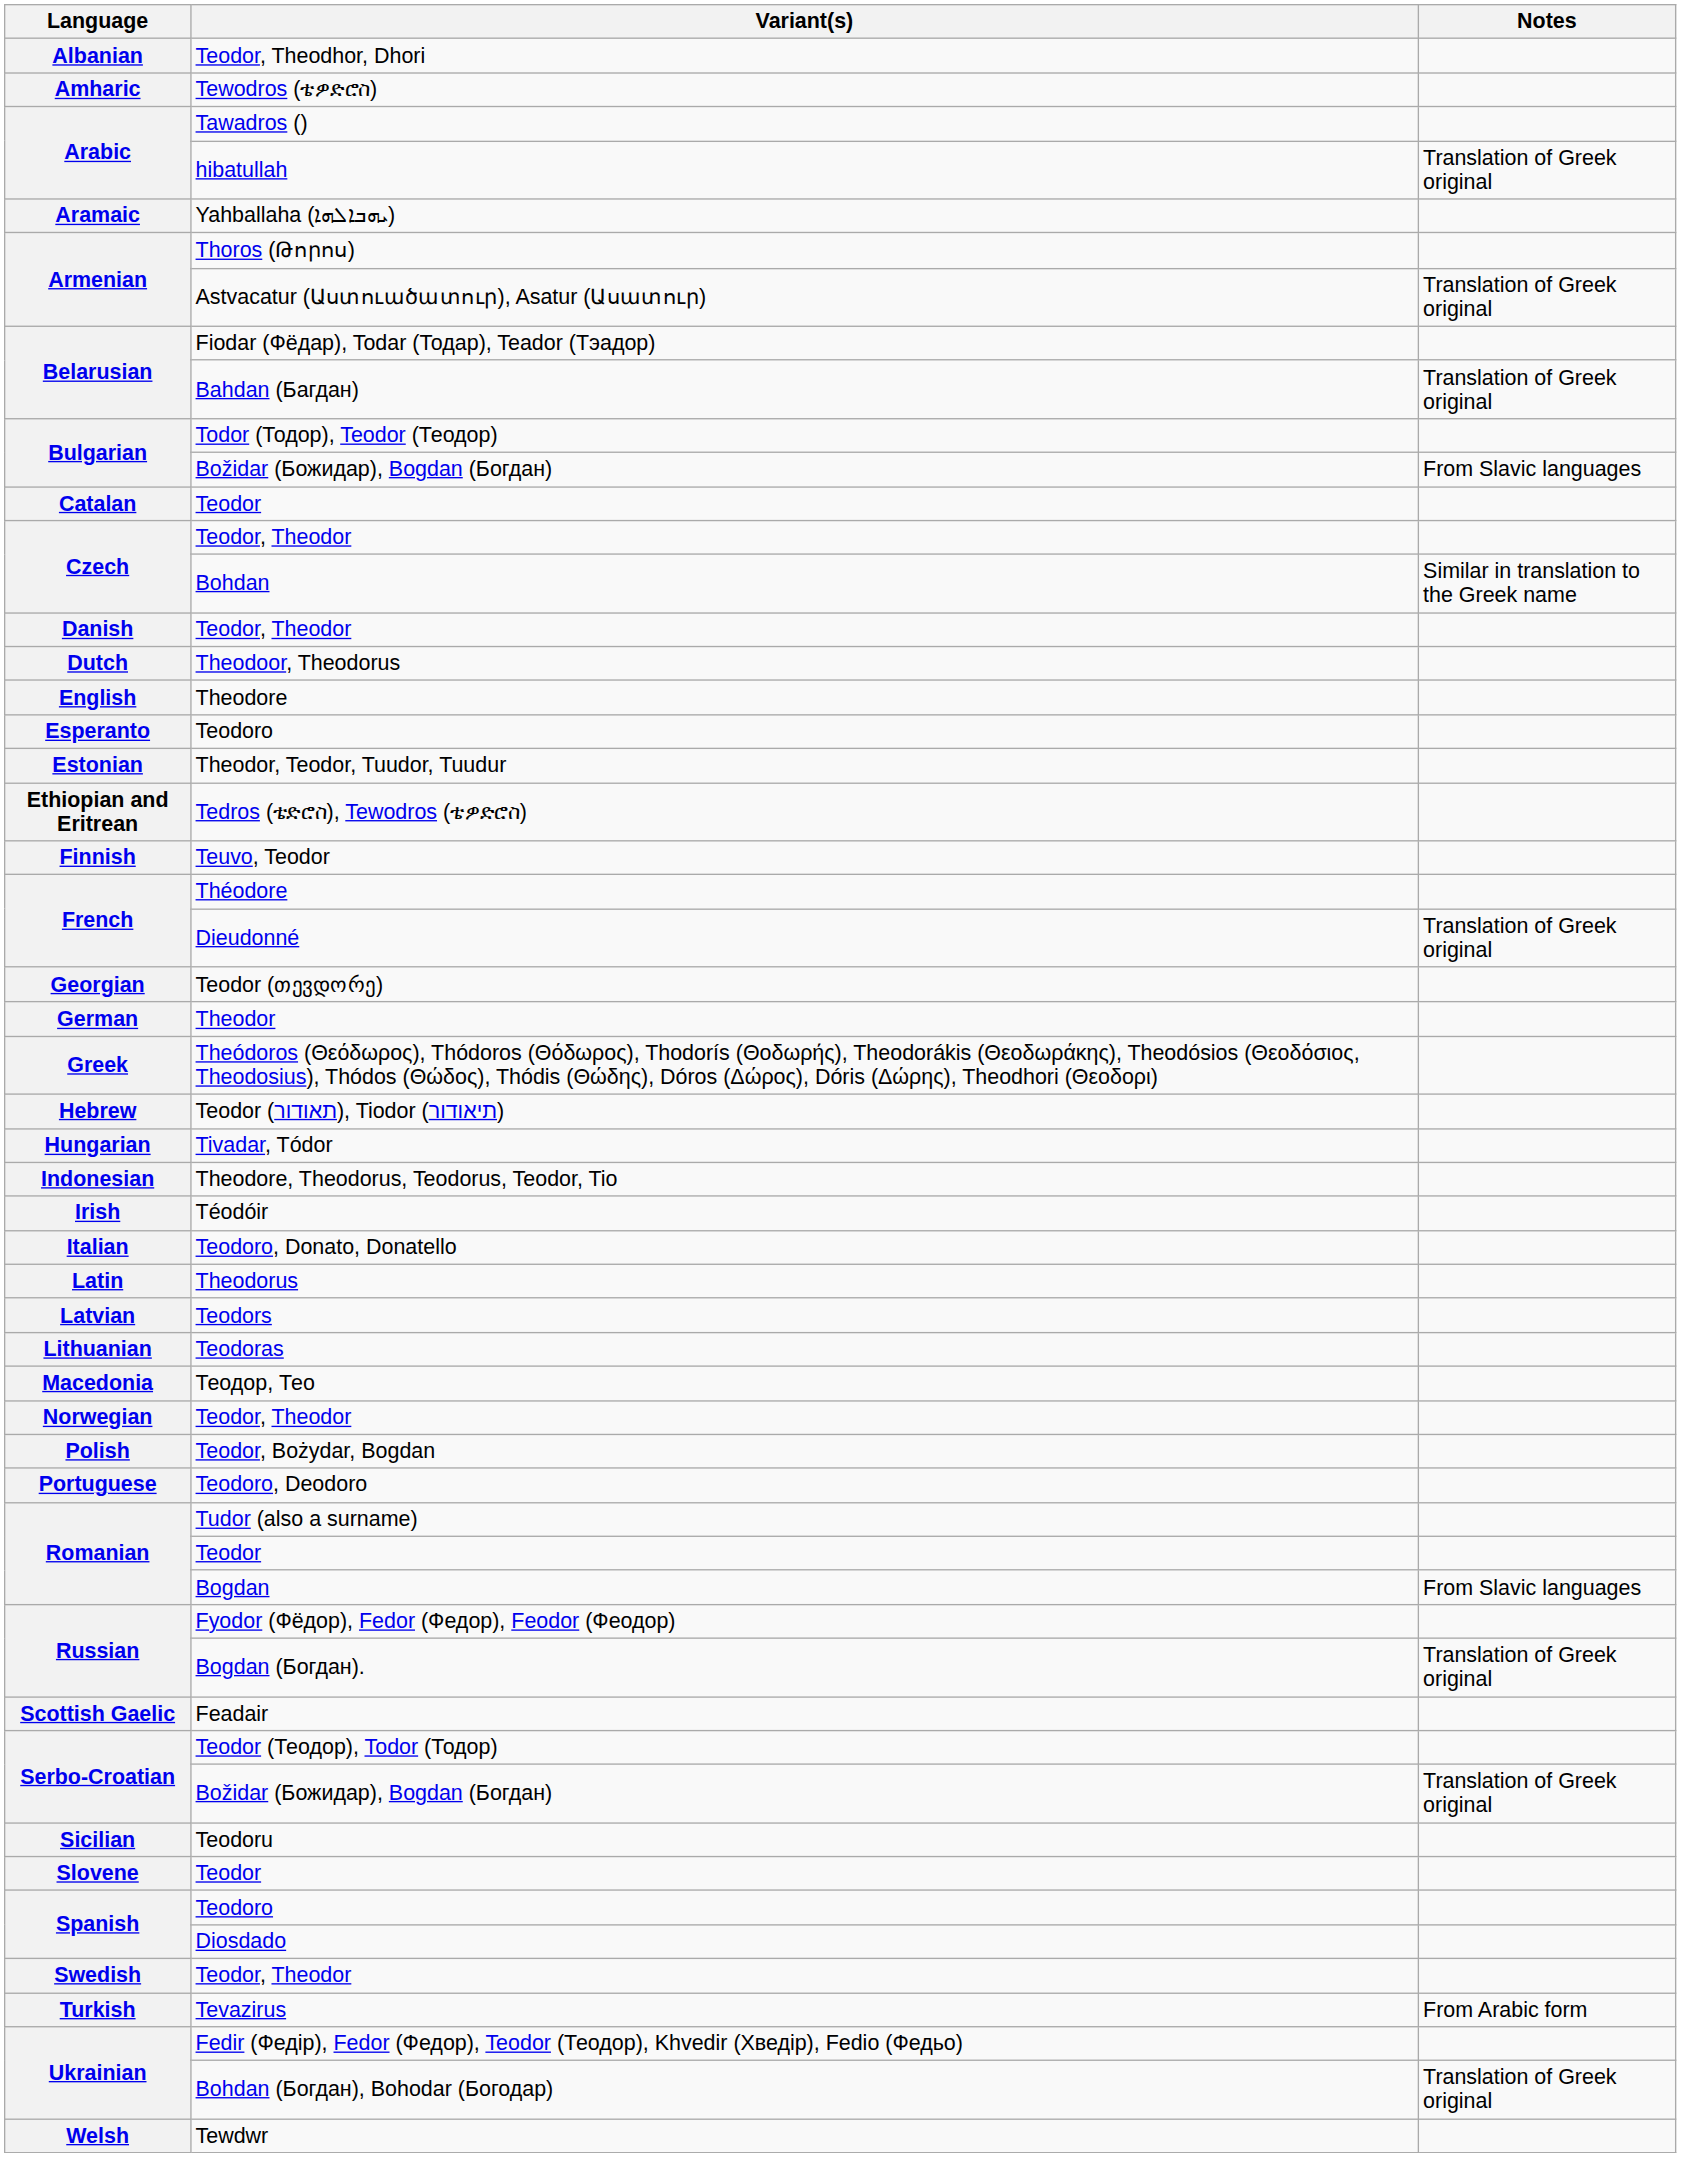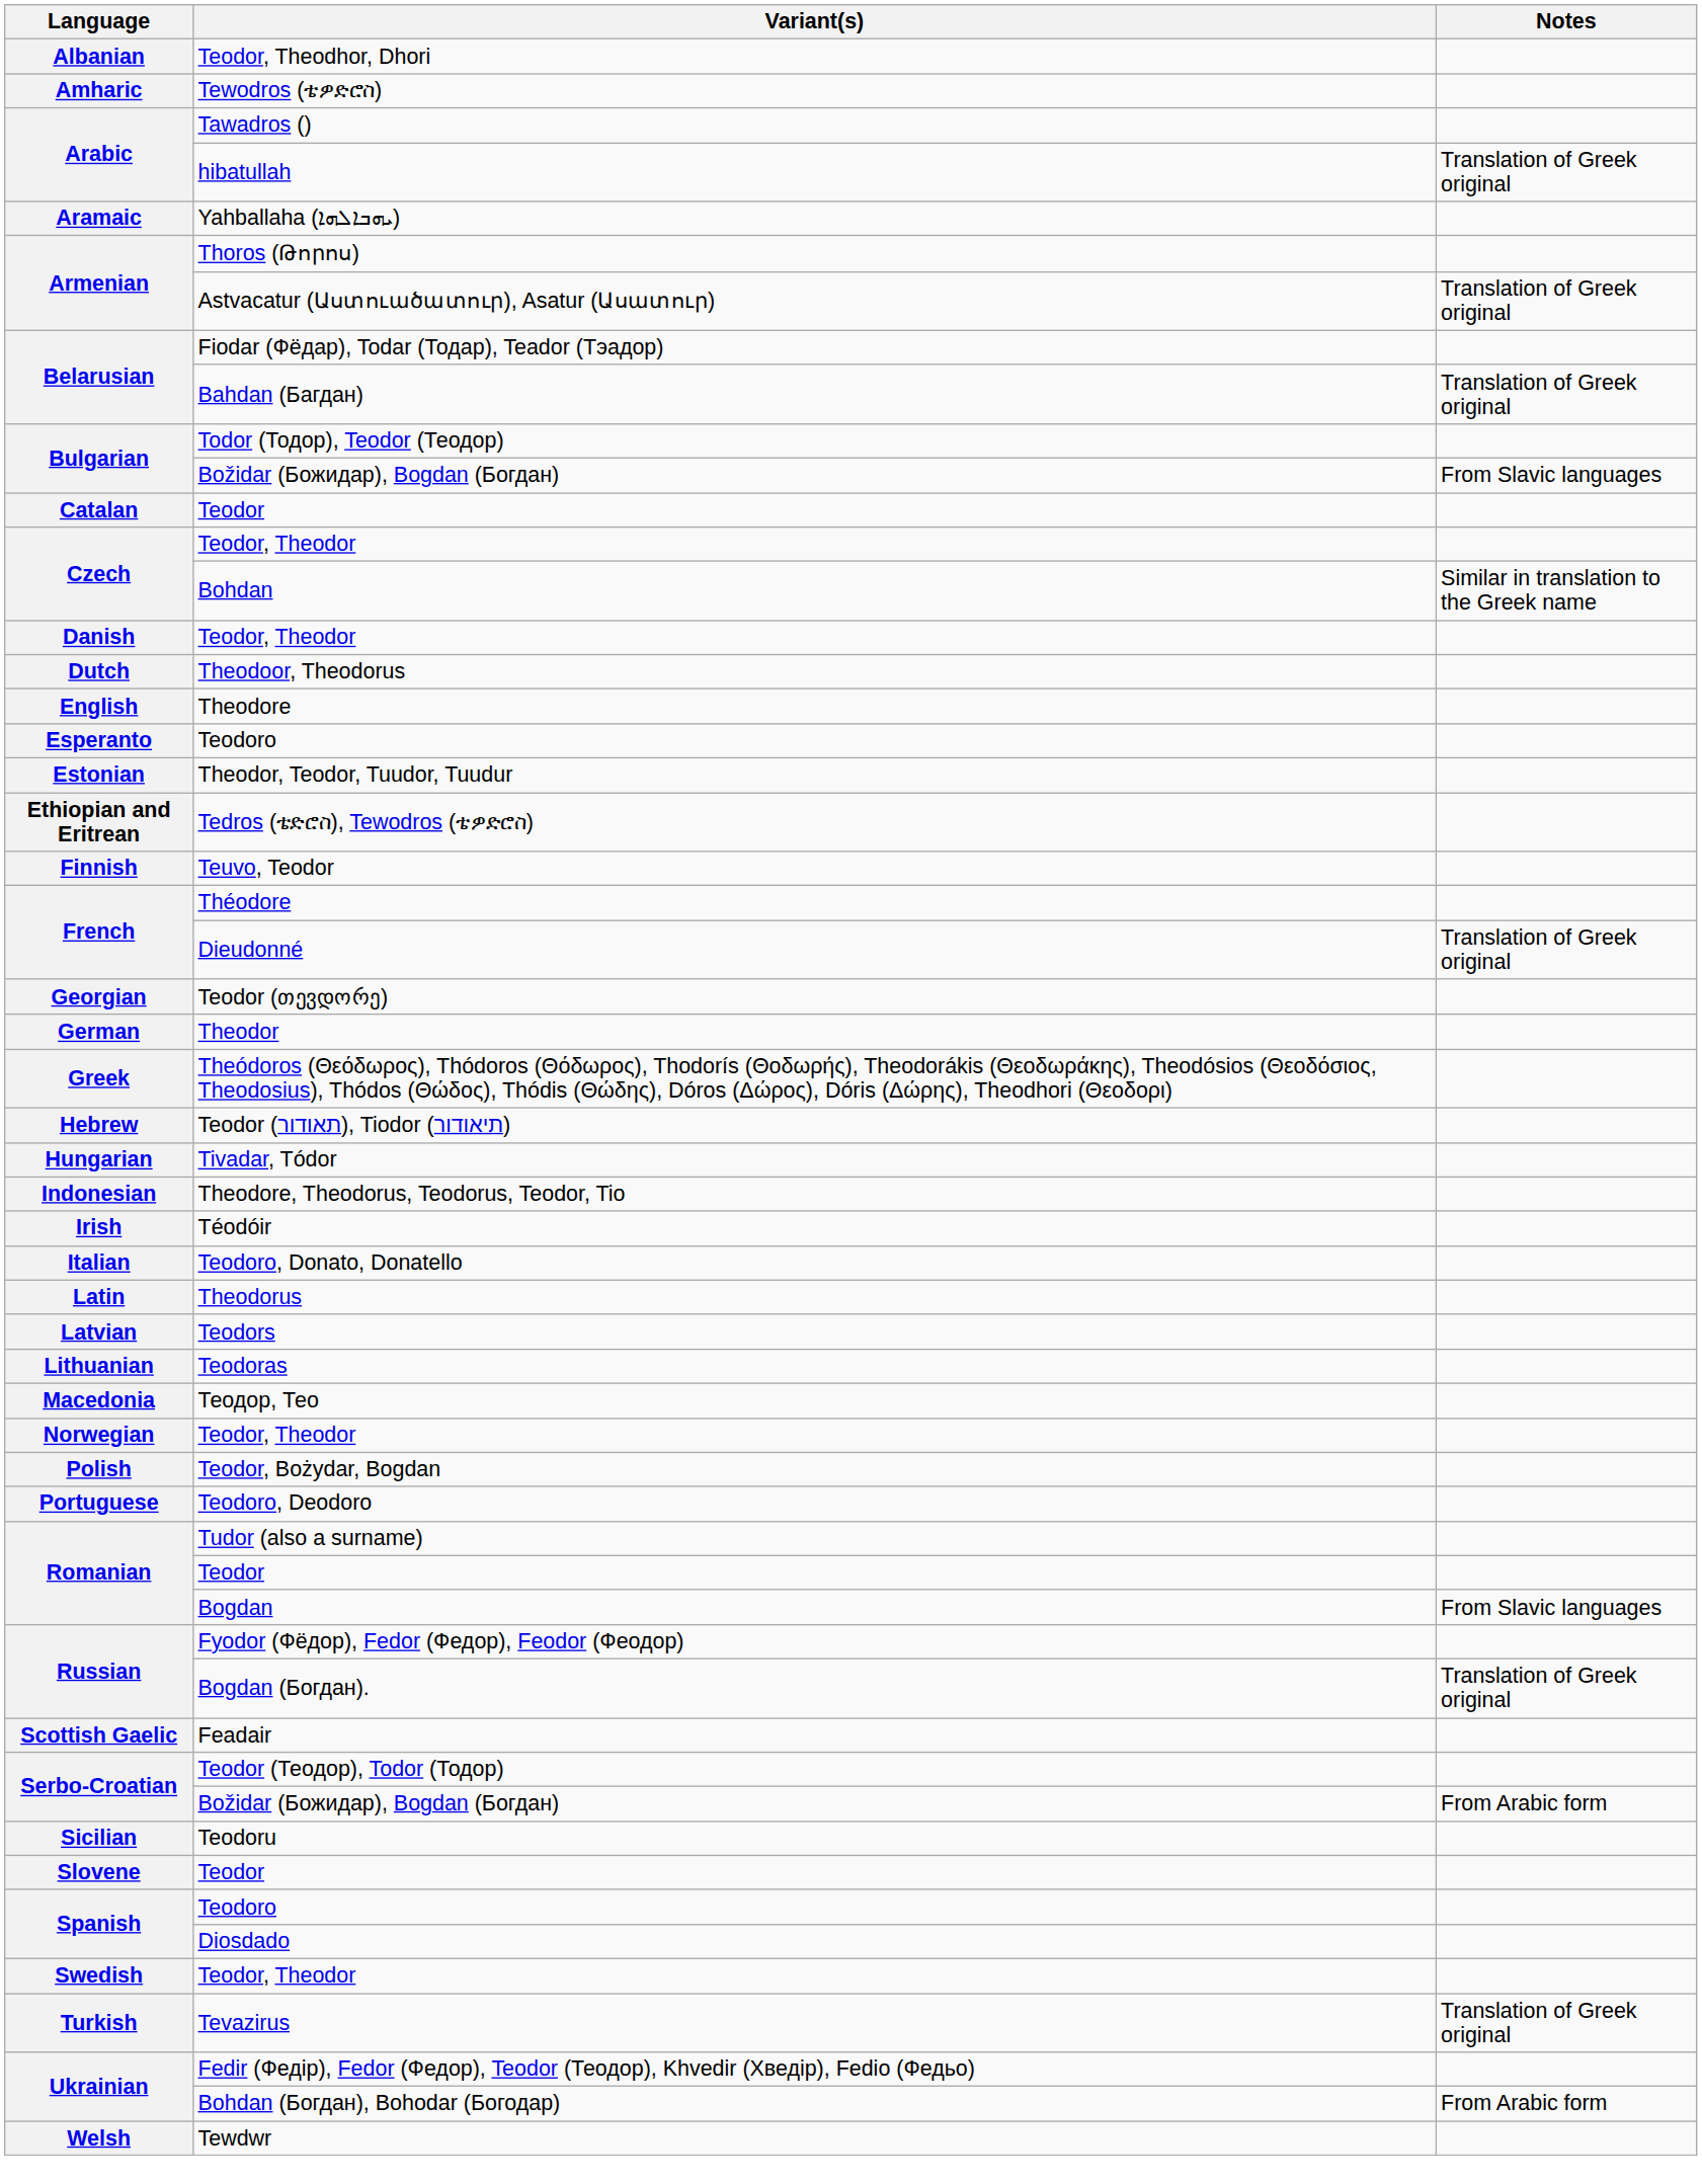 <table class="wikitable">
 <tr>
 <th>Language</th>
 <th>Variant(s)</th>
 <th>Notes</th>
 </tr>
 <tr>
 <th><a href='#'>Albanian</a></th>
 <td><a href='#'>Teodor</a>, Theodhor, Dhori</td>
 <td></td>
 </tr>
 <tr>
 <th><a href='#'>Amharic</a></th>
 <td><a href='#'>Tewodros</a> (ቴዎድሮስ)</td>
 <td></td>
 </tr>
 <tr>
 <th rowspan="2"><a href='#'>Arabic</a></th>
 <td><a href='#'>Tawadros</a> ()</td>
 <td></td>
 </tr>
 <tr>
 <td><a href='#'>hibatullah</a></td>
 <td>Translation of Greek original</td>
 </tr>
 <tr>
 <th><a href='#'>Aramaic</a></th>
 <td>Yahballaha (ܝܗܒܐܠܗܐ‎)</td>
 </tr>
 <tr>
 <th rowspan="2"><a href='#'>Armenian</a></th>
 <td><a href='#'>Thoros</a> (Թորոս)</td>
 <td></td>
 </tr>
 <tr>
 <td>Astvacatur (Աստուածատուր), Asatur (Ասատուր)</td>
 <td>Translation of Greek original</td>
 </tr>
 <tr>
 <th rowspan="2"><a href='#'>Belarusian</a></th>
 <td>Fiodar (Фёдар), Todar (Тодар), Teador (Тэадор)</td>
 <td></td>
 </tr>
 <tr>
 <td><a href='#'>Bahdan</a> (Багдан)</td>
 <td>Translation of Greek original</td>
 </tr>
 <tr>
 <th rowspan="2"><a href='#'>Bulgarian</a></th>
 <td><a href='#'>Todor</a> (Тодор), <a href='#'>Teodor</a> (Теодор)</td>
 <td></td>
 </tr>
 <tr>
 <td><a href='#'>Božidar</a> (Божидар), <a href='#'>Bogdan</a> (Богдан)</td>
 <td>From Slavic languages</td>
 </tr>
 <tr>
 <th><a href='#'>Catalan</a></th>
 <td><a href='#'>Teodor</a></td>
 <td></td>
 </tr>
 <tr>
 <th rowspan="2"><a href='#'>Czech</a></th>
 <td><a href='#'>Teodor</a>, <a href='#'>Theodor</a></td>
 <td></td>
 </tr>
 <tr>
 <td><a href='#'>Bohdan</a></td>
 <td>Similar in translation to the Greek name</td>
 </tr>
 <tr>
 <th><a href='#'>Danish</a></th>
 <td><a href='#'>Teodor</a>, <a href='#'>Theodor</a></td>
 <td></td>
 </tr>
 <tr>
 <th><a href='#'>Dutch</a></th>
 <td><a href='#'>Theodoor</a>, Theodorus</td>
 <td></td>
 </tr>
 <tr>
 <th><a href='#'>English</a></th>
 <td>Theodore</td>
 <td></td>
 </tr>
 <tr>
 <th><a href='#'>Esperanto</a></th>
 <td>Teodoro</td>
 <td></td>
 </tr>
 <tr>
 <th><a href='#'>Estonian</a></th>
 <td>Theodor, Teodor, Tuudor, Tuudur</td>
 <td></td>
 </tr>
 <tr>
 <th>Ethiopian and Eritrean</th>
 <td><a href='#'>Tedros</a> (ቴድሮስ), <a href='#'>Tewodros</a> (ቴዎድሮስ)</td>
 <td></td>
 </tr>
 <tr>
 <th><a href='#'>Finnish</a></th>
 <td><a href='#'>Teuvo</a>, Teodor</td>
 <td></td>
 </tr>
 <tr>
 <th rowspan="2"><a href='#'>French</a></th>
 <td><a href='#'>Théodore</a></td>
 <td></td>
 </tr>
 <tr>
 <td><a href='#'>Dieudonné</a></td>
 <td>Translation of Greek original</td>
 </tr>
 <tr>
 <th><a href='#'>Georgian</a></th>
 <td>Teodor (თევდორე)</td>
 <td></td>
 </tr>
 <tr>
 <th><a href='#'>German</a></th>
 <td><a href='#'>Theodor</a></td>
 <td></td>
 </tr>
 <tr>
 <th><a href='#'>Greek</a></th>
 <td><a href='#'>Theódoros</a> (Θεόδωρος), Thódoros (Θόδωρος), Thodorís (Θοδωρής), Theodorákis (Θεοδωράκης), Theodósios (Θεοδόσιος, <a href='#'>Theodosius</a>), Thódos (Θώδος), Thódis (Θώδης), Dóros (Δώρος), Dóris (Δώρης), Theodhori (Θεοδορι)</td>
 <td></td>
 </tr>
 <tr>
 <th><a href='#'>Hebrew</a></th>
 <td>Teodor (<a href='#'>תאודור</a>), Tiodor (<a href='#'>תיאודור</a>)</td>
 <td></td>
 </tr>
 <tr>
 <th><a href='#'>Hungarian</a></th>
 <td><a href='#'>Tivadar</a>, Tódor</td>
 <td></td>
 </tr>
 <tr>
 <th><a href='#'>Indonesian</a></th>
 <td>Theodore, Theodorus, Teodorus, Teodor, Tio</td>
 <td></td>
 </tr>
 <tr>
 <th><a href='#'>Irish</a></th>
 <td>Téodóir</td>
 <td></td>
 </tr>
 <tr>
 <th><a href='#'>Italian</a></th>
 <td><a href='#'>Teodoro</a>, Donato, Donatello</td>
 <td></td>
 </tr>
 <tr>
 <th><a href='#'>Latin</a></th>
 <td><a href='#'>Theodorus</a></td>
 <td></td>
 </tr>
 <tr>
 <th><a href='#'>Latvian</a></th>
 <td><a href='#'>Teodors</a></td>
 <td></td>
 </tr>
 <tr>
 <th><a href='#'>Lithuanian</a></th>
 <td><a href='#'>Teodoras</a></td>
 <td></td>
 </tr>
 <tr>
 <th><a href='#'>Macedonia</a></th>
 <td>Теодор, Тео</td>
 <td></td>
 </tr>
 <tr>
 <th><a href='#'>Norwegian</a></th>
 <td><a href='#'>Teodor</a>, <a href='#'>Theodor</a></td>
 <td></td>
 </tr>
 <tr>
 <th><a href='#'>Polish</a></th>
 <td><a href='#'>Teodor</a>, Bożydar, Bogdan</td>
 <td></td>
 </tr>
 <tr>
 <th><a href='#'>Portuguese</a></th>
 <td><a href='#'>Teodoro</a>, Deodoro</td>
 <td></td>
 </tr>
 <tr>
 <th rowspan="3"><a href='#'>Romanian</a></th>
 <td><a href='#'>Tudor</a> (also a surname)</td>
 <td></td>
 </tr>
 <tr>
 <td><a href='#'>Teodor</a></td>
 <td></td>
 </tr>
 <tr>
 <td><a href='#'>Bogdan</a></td>
 <td>From Slavic languages</td>
 </tr>
 <tr>
 <th rowspan="2"><a href='#'>Russian</a></th>
 <td><a href='#'>Fyodor</a> (Фёдор), <a href='#'>Fedor</a> (Федор), <a href='#'>Feodor</a> (Феодор)</td>
 <td></td>
 </tr>
 <tr>
 <td><a href='#'>Bogdan</a> (Богдан).</td>
 <td>Translation of Greek original</td>
 </tr>
 <tr>
 <th><a href='#'>Scottish Gaelic</a></th>
 <td>Feadair</td>
 <td></td>
 </tr>
 <tr>
 <th rowspan="2"><a href='#'>Serbo-Croatian</a></th>
 <td><a href='#'>Teodor</a> (Теодор), <a href='#'>Todor</a> (Тодор)</td>
 <td></td>
 </tr>
 <tr>
 <td><a href='#'>Božidar</a> (Божидар), <a href='#'>Bogdan</a> (Богдан)</td>
-<td>Translation of Greek original</td>
+<td>From Arabic form</td>
 </tr>
 <tr>
 <th><a href='#'>Sicilian</a></th>
 <td>Teodoru</td>
 <td></td>
 </tr>
 <tr>
 <th><a href='#'>Slovene</a></th>
 <td><a href='#'>Teodor</a></td>
 <td></td>
 </tr>
 <tr>
 <th rowspan="2"><a href='#'>Spanish</a></th>
 <td><a href='#'>Teodoro</a></td>
 <td></td>
 </tr>
 <tr>
 <td><a href='#'>Diosdado</a></td>
 <td></td>
 </tr>
 <tr>
 <th><a href='#'>Swedish</a></th>
 <td><a href='#'>Teodor</a>, <a href='#'>Theodor</a></td>
 <td></td>
 </tr>
 <tr>
 <th><a href='#'>Turkish</a></th>
 <td><a href='#'>Tevazirus</a></td>
-<td>From Arabic form</td>
+<td>Translation of Greek original</td>
 </tr>
 <tr>
 <th rowspan="2"><a href='#'>Ukrainian</a></th>
 <td><a href='#'>Fedir</a> (Федір), <a href='#'>Fedor</a> (Федор), <a href='#'>Teodor</a> (Теодор), Khvedir (Хведір), Fedio (Федьо)</td>
 <td></td>
 </tr>
 <tr>
 <td><a href='#'>Bohdan</a> (Богдан), Bohodar (Богодар)</td>
-<td>Translation of Greek original</td>
+<td>From Arabic form</td>
 </tr>
 <tr>
 <th><a href='#'>Welsh</a></th>
 <td>Tewdwr</td>
 <td></td>
 </tr>
 </table>
